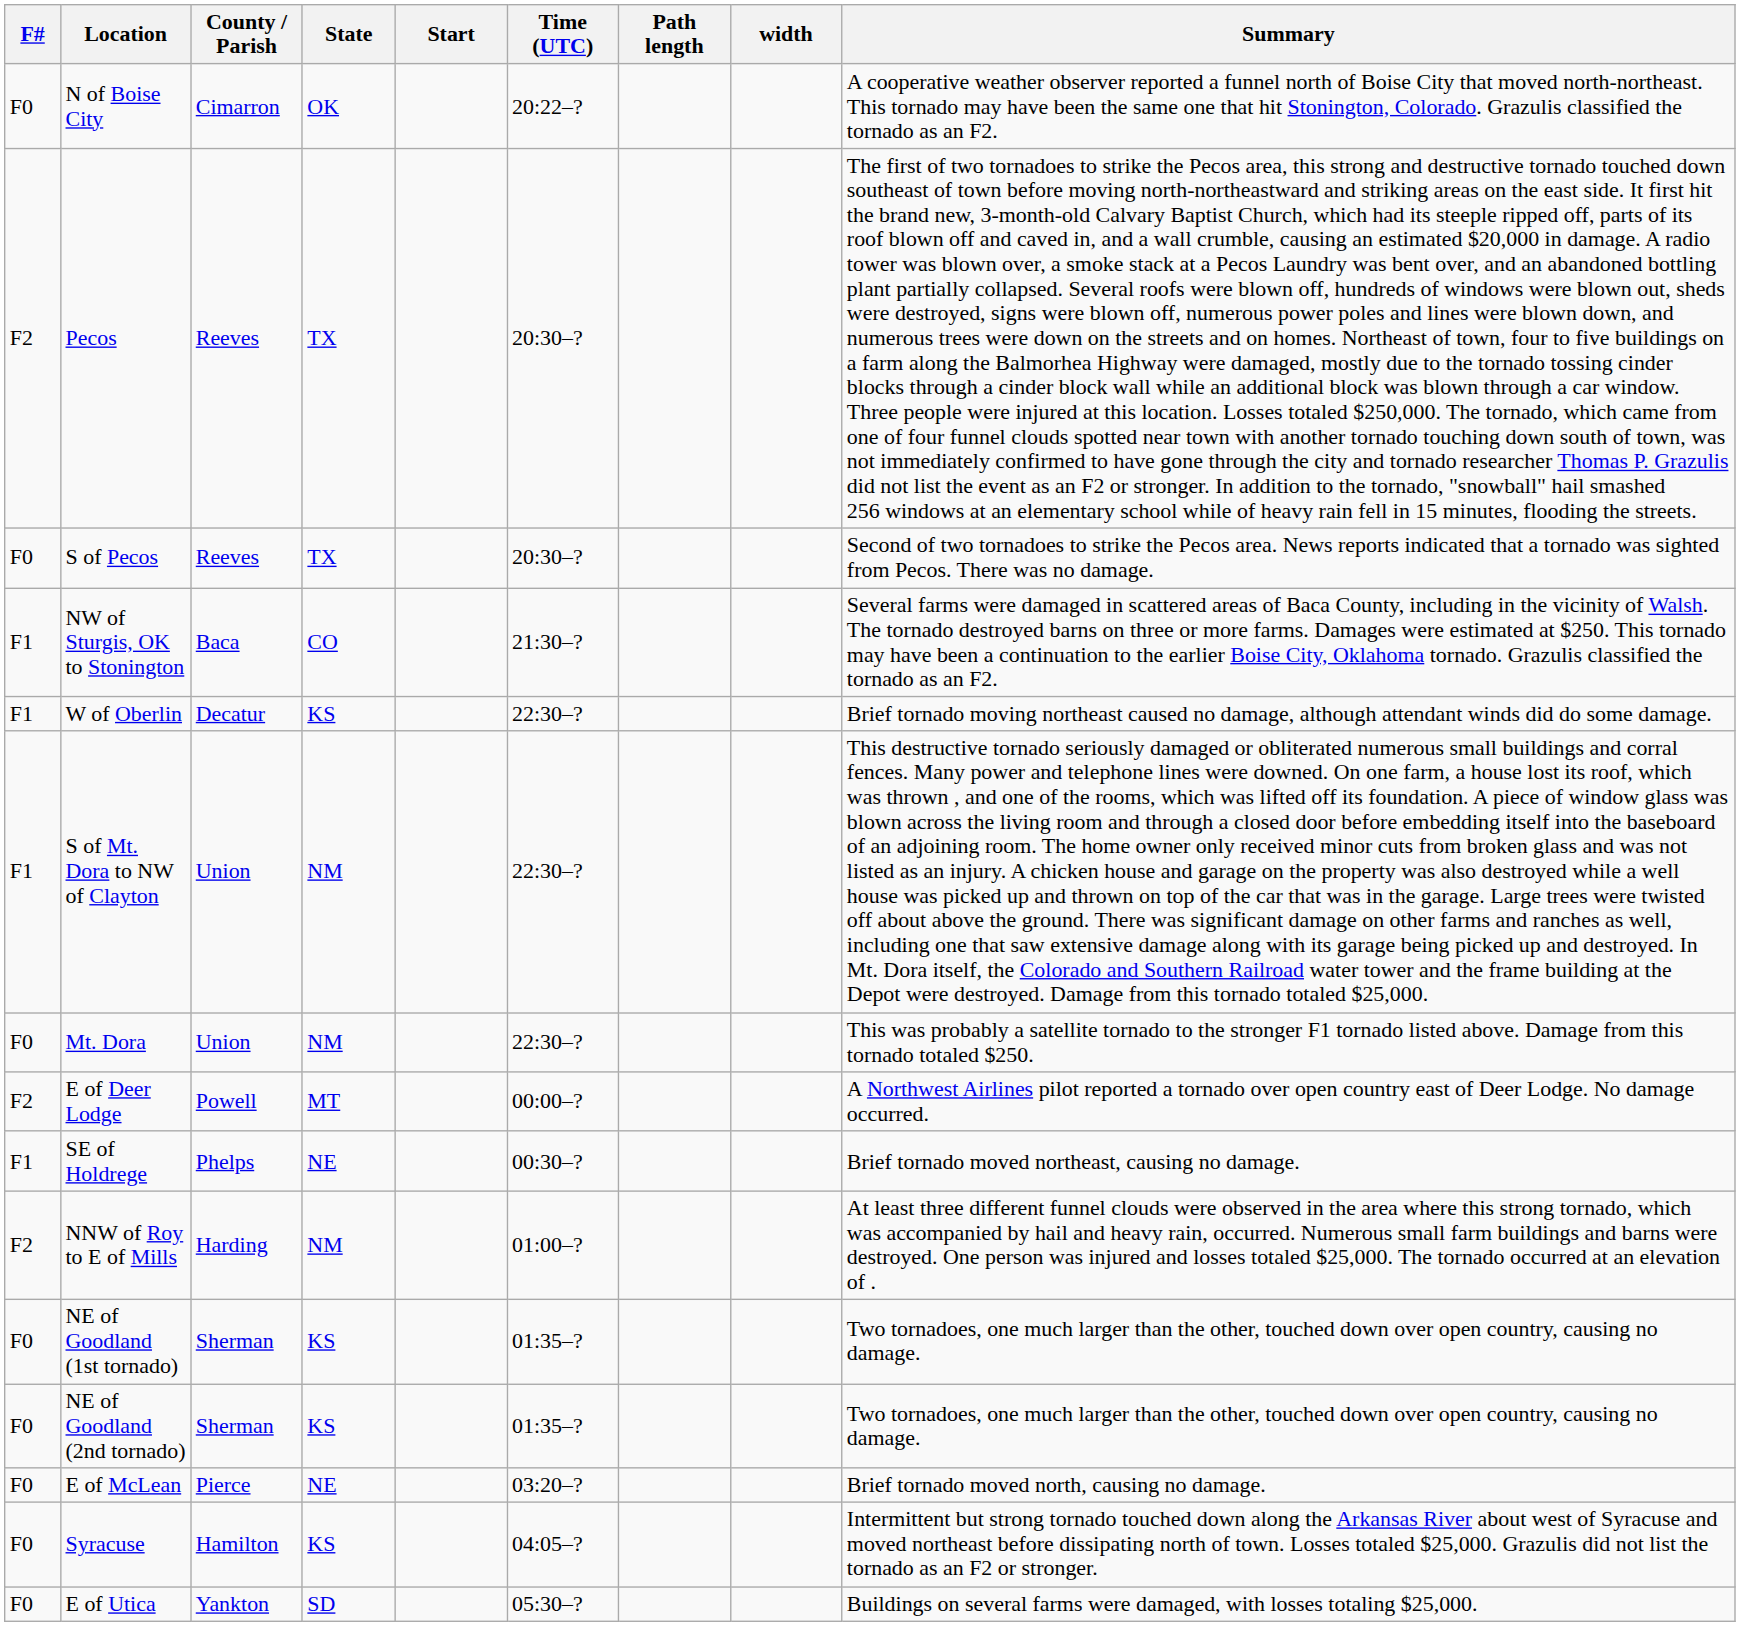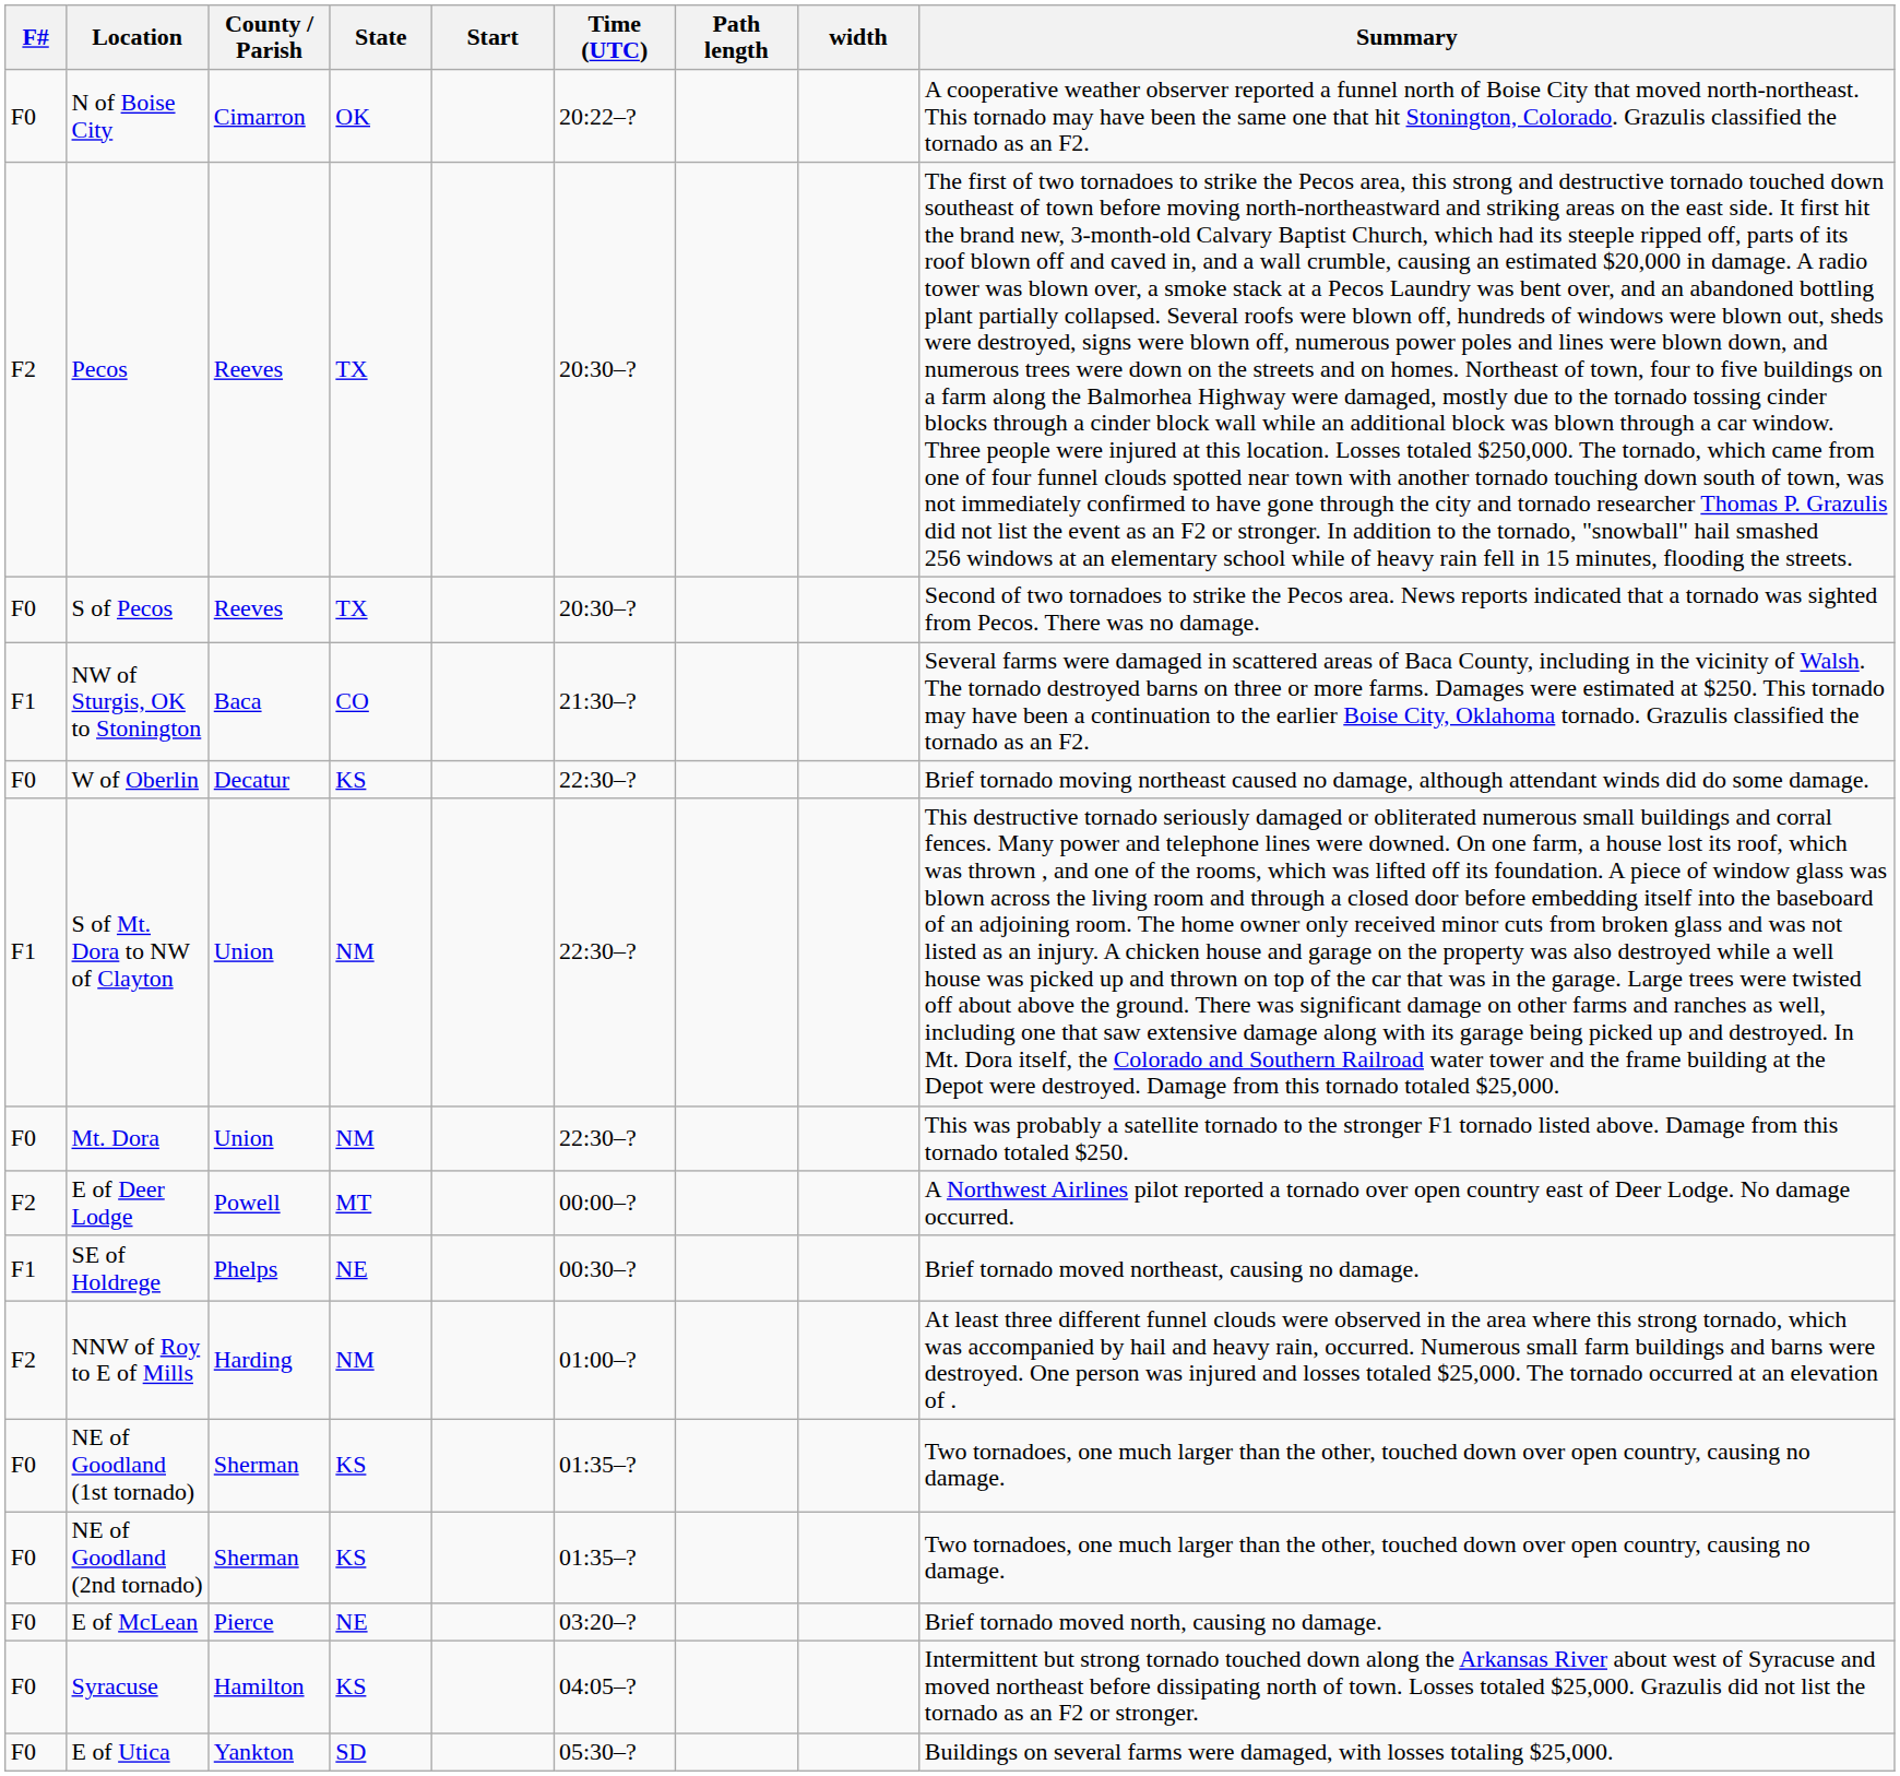 <table class="wikitable sortable" style="width:100%;">
 <tr>
 <th scope="col"  style="width:3%; text-align:center;"><a href='#'>F#</a></th>
 <th scope="col"  style="width:7%; text-align:center;" class="unsortable">Location</th>
 <th scope="col"  style="width:6%; text-align:center;" class="unsortable">County / Parish</th>
 <th scope="col"  style="width:5%; text-align:center;">State</th>
 <th scope="col"  style="width:6%; text-align:center;">Start<br></th>
 <th scope="col"  style="width:6%; text-align:center;">Time (<a href='#'>UTC</a>)</th>
 <th scope="col"  style="width:6%; text-align:center;">Path length</th>
 <th scope="col"  style="width:6%; text-align:center;"> width</th>
 <th scope="col" class="unsortable" style="width:48%; text-align:center;">Summary</th>
 </tr>
 <tr>
 <td>F0</td>
 <td>N of <a href='#'>Boise City</a></td>
 <td><a href='#'>Cimarron</a></td>
 <td><a href='#'>OK</a></td>
 <td></td>
 <td>20:22–?</td>
 <td></td>
 <td></td>
 <td>A cooperative weather observer reported a funnel  north of Boise City that moved north-northeast. This tornado may have been the same one that hit <a href='#'>Stonington, Colorado</a>. Grazulis classified the tornado as an F2.</td>
 </tr>
 <tr>
 <td>F2</td>
 <td><a href='#'>Pecos</a></td>
 <td><a href='#'>Reeves</a></td>
 <td><a href='#'>TX</a></td>
 <td></td>
 <td>20:30–?</td>
 <td></td>
 <td></td>
 <td>The first of two tornadoes to strike the Pecos area, this strong and destructive tornado touched down southeast of town before moving north-northeastward and striking areas on the east side. It first hit the brand new, 3-month-old Calvary Baptist Church, which had its steeple ripped off, parts of its roof blown off and caved in, and a wall crumble, causing an estimated $20,000 in damage. A  radio tower was blown over, a smoke stack at a Pecos Laundry was bent over, and an abandoned bottling plant partially collapsed. Several roofs were blown off, hundreds of windows were blown out, sheds were destroyed, signs were blown off, numerous power poles and lines were blown down, and numerous trees were down on the streets and on homes. Northeast of town, four to five buildings on a farm along the Balmorhea Highway were damaged, mostly due to the tornado tossing  cinder blocks through a cinder block wall while an additional block was blown through a car window. Three people were injured at this location. Losses totaled $250,000. The tornado, which came from one of four funnel clouds spotted near town with another tornado touching down south of town, was not immediately confirmed to have gone through the city and tornado researcher <a href='#'>Thomas P. Grazulis</a> did not list the event as an F2 or stronger. In addition to the tornado,  "snowball" hail smashed 256 windows at an elementary school while  of heavy rain fell in 15 minutes, flooding the streets.</td>
 </tr>
 <tr>
 <td>F0</td>
 <td>S of <a href='#'>Pecos</a></td>
 <td><a href='#'>Reeves</a></td>
 <td><a href='#'>TX</a></td>
 <td></td>
 <td>20:30–?</td>
 <td></td>
 <td></td>
 <td>Second of two tornadoes to strike the Pecos area. News reports indicated that a tornado was sighted  from Pecos. There was no damage.</td>
 </tr>
 <tr>
 <td>F1</td>
 <td>NW of <a href='#'>Sturgis, OK</a> to <a href='#'>Stonington</a></td>
 <td><a href='#'>Baca</a></td>
 <td><a href='#'>CO</a></td>
 <td></td>
 <td>21:30–?</td>
 <td></td>
 <td></td>
 <td>Several farms were damaged in scattered areas of Baca County, including in the vicinity of <a href='#'>Walsh</a>. The tornado destroyed barns on three or more farms. Damages were estimated at $250. This tornado may have been a continuation to the earlier <a href='#'>Boise City, Oklahoma</a> tornado. Grazulis classified the tornado as an F2.</td>
 </tr>
 <tr>
-<td>F1</td>
+<td>F0</td>
 <td>W of <a href='#'>Oberlin</a></td>
 <td><a href='#'>Decatur</a></td>
 <td><a href='#'>KS</a></td>
 <td></td>
 <td>22:30–?</td>
 <td></td>
 <td></td>
 <td>Brief tornado moving northeast caused no damage, although attendant  winds did do some damage.</td>
 </tr>
 <tr>
 <td>F1</td>
 <td>S of <a href='#'>Mt. Dora</a> to NW of <a href='#'>Clayton</a></td>
 <td><a href='#'>Union</a></td>
 <td><a href='#'>NM</a></td>
 <td></td>
 <td>22:30–?</td>
 <td></td>
 <td></td>
 <td>This destructive tornado seriously damaged or obliterated numerous small buildings and corral fences. Many power and telephone lines were downed. On one farm, a house lost its roof, which was thrown , and one of the rooms, which was lifted off its foundation. A piece of window glass was blown across the living room and through a closed door before embedding itself into the baseboard of an adjoining room. The home owner only received minor cuts from broken glass and was not listed as an injury. A chicken house and garage on the property was also destroyed while a well house was picked up and thrown on top of the car that was in the garage. Large trees were twisted off about  above the ground. There was significant damage on other farms and ranches as well, including one that saw extensive damage along with its garage being picked up and destroyed. In Mt. Dora itself, the <a href='#'>Colorado and Southern Railroad</a> water tower and the frame building at the Depot were destroyed. Damage from this tornado totaled $25,000.</td>
 </tr>
 <tr>
 <td>F0</td>
 <td><a href='#'>Mt. Dora</a></td>
 <td><a href='#'>Union</a></td>
 <td><a href='#'>NM</a></td>
 <td></td>
 <td>22:30–?</td>
 <td></td>
 <td></td>
 <td>This was probably a satellite tornado to the stronger F1 tornado listed above. Damage from this tornado totaled $250.</td>
 </tr>
 <tr>
 <td>F2</td>
 <td>E of <a href='#'>Deer Lodge</a></td>
 <td><a href='#'>Powell</a></td>
 <td><a href='#'>MT</a></td>
 <td></td>
 <td>00:00–?</td>
 <td></td>
 <td></td>
 <td>A <a href='#'>Northwest Airlines</a> pilot reported a tornado over open country  east of Deer Lodge. No damage occurred.</td>
 </tr>
 <tr>
 <td>F1</td>
 <td>SE of <a href='#'>Holdrege</a></td>
 <td><a href='#'>Phelps</a></td>
 <td><a href='#'>NE</a></td>
 <td></td>
 <td>00:30–?</td>
 <td></td>
 <td></td>
 <td>Brief tornado moved northeast, causing no damage.</td>
 </tr>
 <tr>
 <td>F2</td>
 <td>NNW of <a href='#'>Roy</a> to E of <a href='#'>Mills</a></td>
 <td><a href='#'>Harding</a></td>
 <td><a href='#'>NM</a></td>
 <td></td>
 <td>01:00–?</td>
 <td></td>
 <td></td>
 <td>At least three different funnel clouds were observed in the area where this strong tornado, which was accompanied by hail and heavy rain, occurred. Numerous small farm buildings and barns were destroyed. One person was injured and losses totaled $25,000. The tornado occurred at an elevation of .</td>
 </tr>
 <tr>
 <td>F0</td>
 <td>NE of <a href='#'>Goodland</a> (1st tornado)</td>
 <td><a href='#'>Sherman</a></td>
 <td><a href='#'>KS</a></td>
 <td></td>
 <td>01:35–?</td>
 <td></td>
 <td></td>
 <td>Two tornadoes, one much larger than the other, touched down over open country, causing no damage.</td>
 </tr>
 <tr>
 <td>F0</td>
 <td>NE of <a href='#'>Goodland</a> (2nd tornado)</td>
 <td><a href='#'>Sherman</a></td>
 <td><a href='#'>KS</a></td>
 <td></td>
 <td>01:35–?</td>
 <td></td>
 <td></td>
 <td>Two tornadoes, one much larger than the other, touched down over open country, causing no damage.</td>
 </tr>
 <tr>
 <td>F0</td>
 <td>E of <a href='#'>McLean</a></td>
 <td><a href='#'>Pierce</a></td>
 <td><a href='#'>NE</a></td>
 <td></td>
 <td>03:20–?</td>
 <td></td>
 <td></td>
 <td>Brief tornado moved north, causing no damage.</td>
 </tr>
 <tr>
 <td>F0</td>
 <td><a href='#'>Syracuse</a></td>
 <td><a href='#'>Hamilton</a></td>
 <td><a href='#'>KS</a></td>
 <td></td>
 <td>04:05–?</td>
 <td></td>
 <td></td>
 <td>Intermittent but strong tornado touched down along the <a href='#'>Arkansas River</a> about  west of Syracuse and moved northeast before dissipating  north of town. Losses totaled $25,000. Grazulis did not list the tornado as an F2 or stronger.</td>
 </tr>
 <tr>
 <td>F0</td>
 <td>E of <a href='#'>Utica</a></td>
 <td><a href='#'>Yankton</a></td>
 <td><a href='#'>SD</a></td>
 <td></td>
 <td>05:30–?</td>
 <td></td>
 <td></td>
 <td>Buildings on several farms were damaged, with losses totaling $25,000.</td>
 </tr>
 </table>
